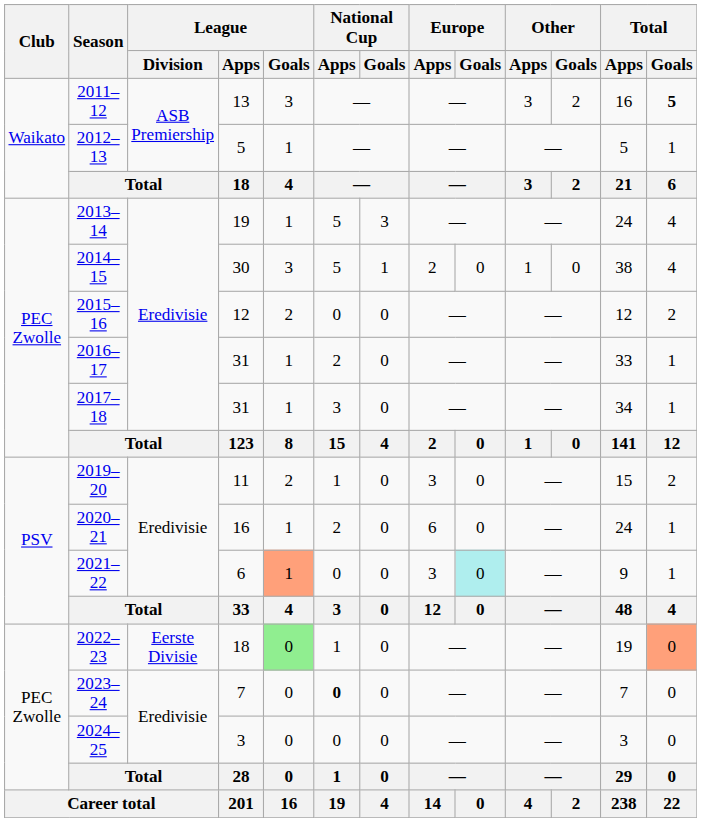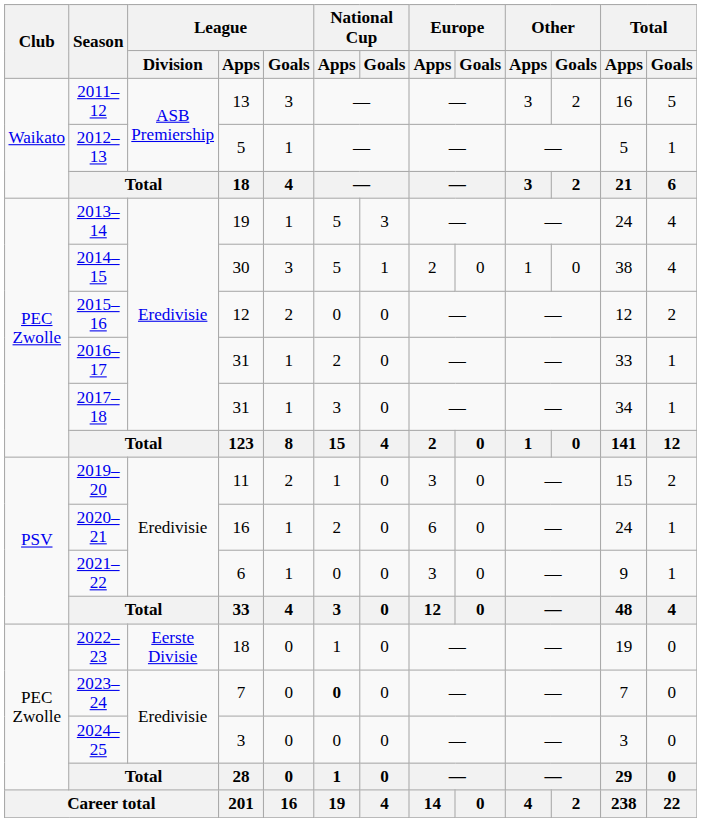 <table class="wikitable" style="text-align:center">
 <tr>
 <th rowspan="2">Club</th>
 <th rowspan="2">Season</th>
 <th colspan="3">League</th>
 <th colspan="2">National Cup</th>
 <th colspan="2">Europe</th>
 <th colspan="2">Other</th>
 <th colspan="2">Total</th>
 </tr>
 <tr>
 <th>Division</th>
 <th>Apps</th>
 <th>Goals</th>
 <th>Apps</th>
 <th>Goals</th>
 <th>Apps</th>
 <th>Goals</th>
 <th>Apps</th>
 <th>Goals</th>
 <th>Apps</th>
 <th>Goals</th>
 </tr>
 <tr>
 <td rowspan="3"><a href='#'>Waikato</a></td>
 <td><a href='#'>2011–12</a></td>
 <td rowspan="2"><a href='#'>ASB Premiership</a></td>
 <td>13</td>
 <td>3</td>
 <td colspan="2">—</td>
 <td colspan="2">—</td>
 <td>3</td>
 <td>2</td>
 <td>16</td>
-<td><strong>5</strong></td>
+<td>5</td>
 </tr>
 <tr>
 <td><a href='#'>2012–13</a></td>
 <td>5</td>
 <td>1</td>
 <td colspan="2">—</td>
 <td colspan="2">—</td>
 <td colspan="2">—</td>
 <td>5</td>
 <td>1</td>
 </tr>
 <tr>
 <th colspan="2">Total</th>
 <th>18</th>
 <th>4</th>
 <th colspan="2">—</th>
 <th colspan="2">—</th>
 <th>3</th>
 <th>2</th>
 <th>21</th>
 <th>6</th>
 </tr>
 <tr>
 <td rowspan="6"><a href='#'>PEC Zwolle</a></td>
 <td><a href='#'>2013–14</a></td>
 <td rowspan="5"><a href='#'>Eredivisie</a></td>
 <td>19</td>
 <td>1</td>
 <td>5</td>
 <td>3</td>
 <td colspan="2">—</td>
 <td colspan="2">—</td>
 <td>24</td>
 <td>4</td>
 </tr>
 <tr>
 <td><a href='#'>2014–15</a></td>
 <td>30</td>
 <td>3</td>
 <td>5</td>
 <td>1</td>
 <td>2</td>
 <td>0</td>
 <td>1</td>
 <td>0</td>
 <td>38</td>
 <td>4</td>
 </tr>
 <tr>
 <td><a href='#'>2015–16</a></td>
 <td>12</td>
 <td>2</td>
 <td>0</td>
 <td>0</td>
 <td colspan="2">—</td>
 <td colspan="2">—</td>
 <td>12</td>
 <td>2</td>
 </tr>
 <tr>
 <td><a href='#'>2016–17</a></td>
 <td>31</td>
 <td>1</td>
 <td>2</td>
 <td>0</td>
 <td colspan="2">—</td>
 <td colspan="2">—</td>
 <td>33</td>
 <td>1</td>
 </tr>
 <tr>
 <td><a href='#'>2017–18</a></td>
 <td>31</td>
 <td>1</td>
 <td>3</td>
 <td>0</td>
 <td colspan="2">—</td>
 <td colspan="2">—</td>
 <td>34</td>
 <td>1</td>
 </tr>
 <tr>
 <th colspan="2">Total</th>
 <th>123</th>
 <th>8</th>
 <th>15</th>
 <th>4</th>
 <th>2</th>
 <th>0</th>
 <th>1</th>
 <th>0</th>
 <th>141</th>
 <th>12</th>
 </tr>
 <tr>
 <td rowspan="4"><a href='#'>PSV</a></td>
 <td><a href='#'>2019–20</a></td>
 <td rowspan="3">Eredivisie</td>
 <td>11</td>
 <td>2</td>
 <td>1</td>
 <td>0</td>
 <td>3</td>
 <td>0</td>
 <td colspan="2">—</td>
 <td>15</td>
 <td>2</td>
 </tr>
 <tr>
 <td><a href='#'>2020–21</a></td>
 <td>16</td>
 <td>1</td>
 <td>2</td>
 <td>0</td>
 <td>6</td>
 <td>0</td>
 <td colspan="2">—</td>
 <td>24</td>
 <td>1</td>
 </tr>
 <tr>
 <td><a href='#'>2021–22</a></td>
 <td>6</td>
-<td style="background: lightsalmon;">1</td>
+<td>1</td>
 <td>0</td>
 <td>0</td>
 <td>3</td>
-<td style="background: paleturquoise;">0</td>
+<td>0</td>
 <td colspan="2">—</td>
 <td>9</td>
 <td>1</td>
 </tr>
 <tr>
 <th colspan="2">Total</th>
 <th>33</th>
 <th>4</th>
 <th>3</th>
 <th>0</th>
 <th>12</th>
 <th>0</th>
 <th colspan="2">—</th>
 <th>48</th>
 <th>4</th>
 </tr>
 <tr>
 <td rowspan="4">PEC Zwolle</td>
 <td><a href='#'>2022–23</a></td>
 <td><a href='#'>Eerste Divisie</a></td>
 <td>18</td>
-<td style="background: lightgreen;">0</td>
+<td>0</td>
 <td>1</td>
 <td>0</td>
 <td colspan="2">—</td>
 <td colspan="2">—</td>
 <td>19</td>
-<td style="background: lightsalmon;">0</td>
+<td>0</td>
 </tr>
 <tr>
 <td><a href='#'>2023–24</a></td>
 <td rowspan=2>Eredivisie</td>
 <td>7</td>
 <td>0</td>
 <td><strong>0</strong></td>
 <td>0</td>
 <td colspan="2">—</td>
 <td colspan="2">—</td>
 <td>7</td>
 <td>0</td>
 </tr>
 <tr>
 <td><a href='#'>2024–25</a></td>
 <td>3</td>
 <td>0</td>
 <td>0</td>
 <td>0</td>
 <td colspan="2">—</td>
 <td colspan="2">—</td>
 <td>3</td>
 <td>0</td>
 </tr>
 <tr>
 <th colspan="2">Total</th>
 <th>28</th>
 <th>0</th>
 <th>1</th>
 <th>0</th>
 <th colspan="2">—</th>
 <th colspan="2">—</th>
 <th>29</th>
 <th>0</th>
 </tr>
 <tr>
 <th colspan="3">Career total</th>
 <th>201</th>
 <th>16</th>
 <th>19</th>
 <th>4</th>
 <th>14</th>
 <th>0</th>
 <th>4</th>
 <th>2</th>
 <th>238</th>
 <th>22</th>
 </tr>
 </table>
